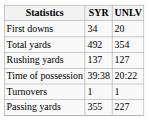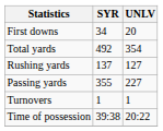 <table class="wikitable" style="float: left;">
 <tr>
 <th>Statistics</th>
 <th>SYR</th>
 <th>UNLV</th>
 </tr>
 <tr>
 <td>First downs</td>
 <td>34</td>
 <td>20</td>
 </tr>
 <tr>
 <td>Total yards</td>
 <td>492</td>
 <td>354</td>
 </tr>
 <tr>
 <td>Rushing yards</td>
 <td>137</td>
 <td>127</td>
 </tr>
 <tr>
-<td>Time of possession</td>
-<td>39:38</td>
-<td>20:22</td>
+<td>Passing yards</td>
+<td>355</td>
+<td>227</td>
 </tr>
 <tr>
 <td>Turnovers</td>
 <td>1</td>
 <td>1</td>
 </tr>
 <tr>
-<td>Passing yards</td>
-<td>355</td>
-<td>227</td>
+<td>Time of possession</td>
+<td>39:38</td>
+<td>20:22</td>
 </tr>
 <tr>
 </tr>
 </table>
